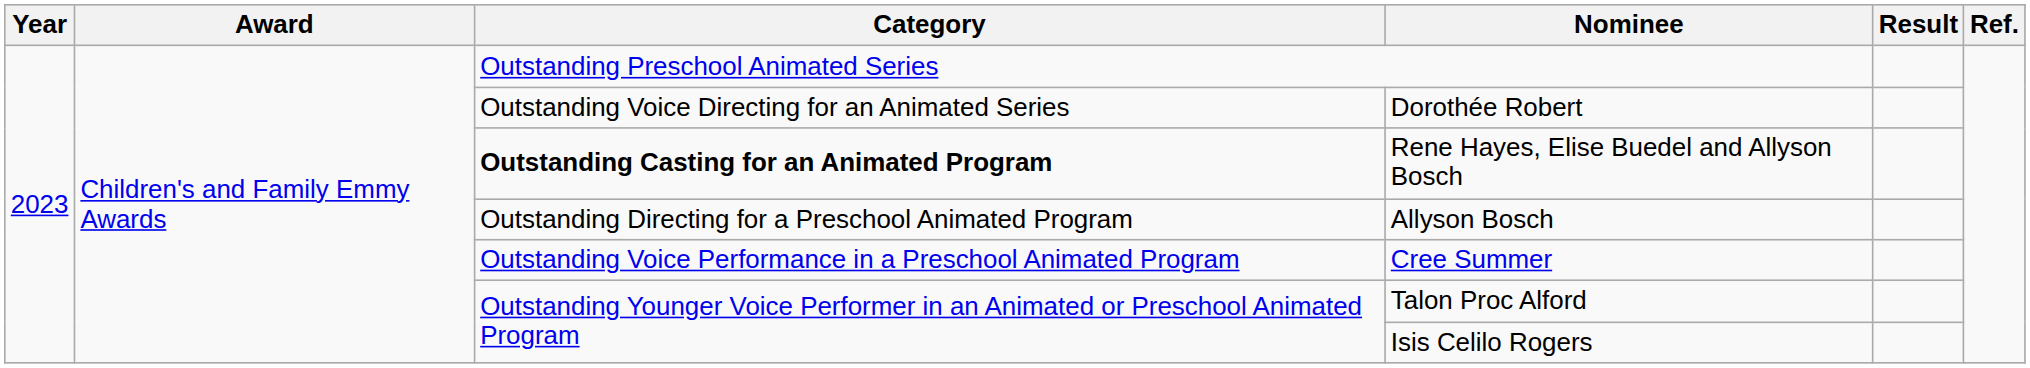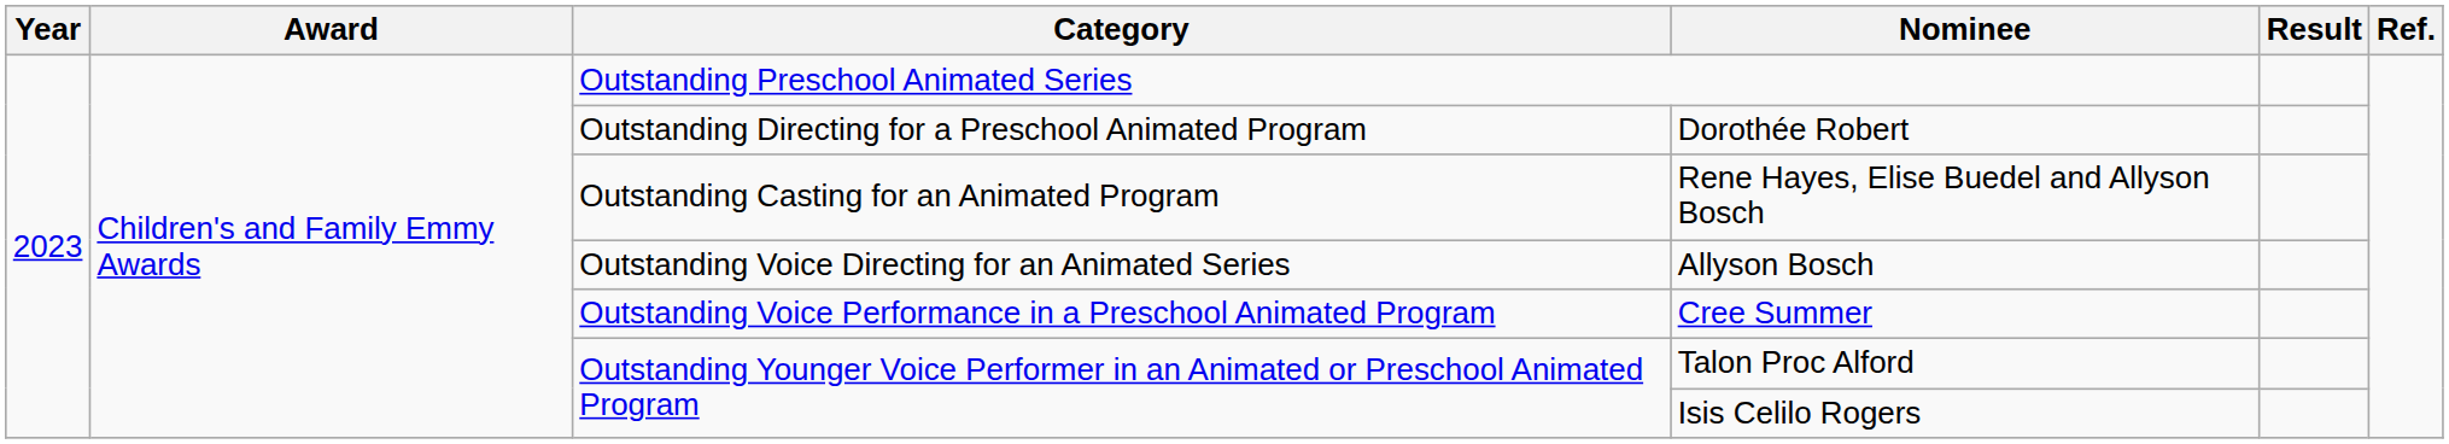 <table class="wikitable sortable">
 <tr>
 <th>Year</th>
 <th>Award</th>
 <th>Category</th>
 <th>Nominee</th>
 <th>Result</th>
 <th>Ref.</th>
 </tr>
 <tr>
 <td rowspan="7" style="text-align:center;"><a href='#'>2023</a></td>
 <td rowspan="7"><a href='#'>Children's and Family Emmy Awards</a></td>
 <td colspan=2><a href='#'>Outstanding Preschool Animated Series</a></td>
 <td></td>
 <td rowspan=7></td>
 </tr>
 <tr>
-<td>Outstanding Voice Directing for an Animated Series</td>
+<td>Outstanding Directing for a Preschool Animated Program</td>
 <td>Dorothée Robert</td>
 <td></td>
 </tr>
 <tr>
-<td><strong>Outstanding Casting for an Animated Program</strong></td>
+<td>Outstanding Casting for an Animated Program</td>
 <td>Rene Hayes, Elise Buedel and Allyson Bosch</td>
 <td></td>
 </tr>
 <tr>
-<td>Outstanding Directing for a Preschool Animated Program</td>
+<td>Outstanding Voice Directing for an Animated Series</td>
 <td>Allyson Bosch</td>
 <td></td>
 </tr>
 <tr>
 <td><a href='#'>Outstanding Voice Performance in a Preschool Animated Program</a></td>
 <td><a href='#'>Cree Summer</a></td>
 <td></td>
 </tr>
 <tr>
 <td rowspan=2><a href='#'>Outstanding Younger Voice Performer in an Animated or Preschool Animated Program</a></td>
 <td>Talon Proc Alford</td>
 <td></td>
 </tr>
 <tr>
 <td>Isis Celilo Rogers</td>
 <td></td>
 </tr>
 </table>
